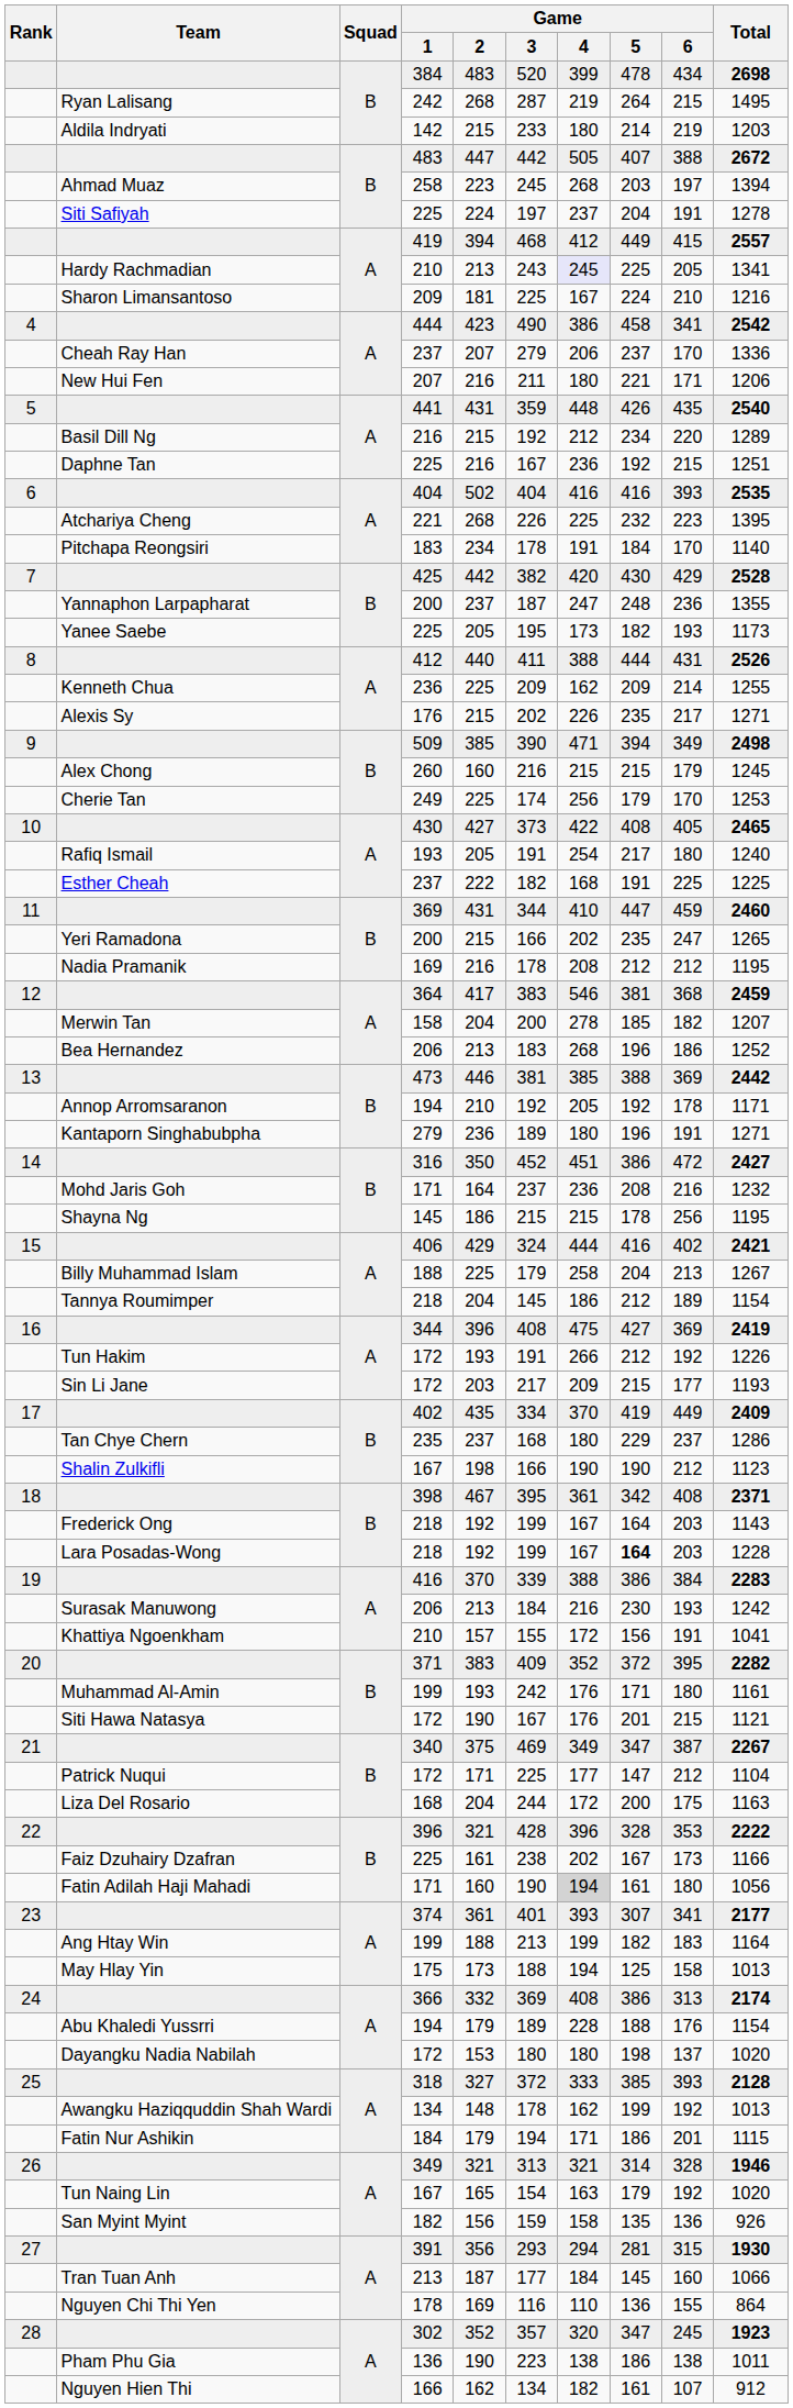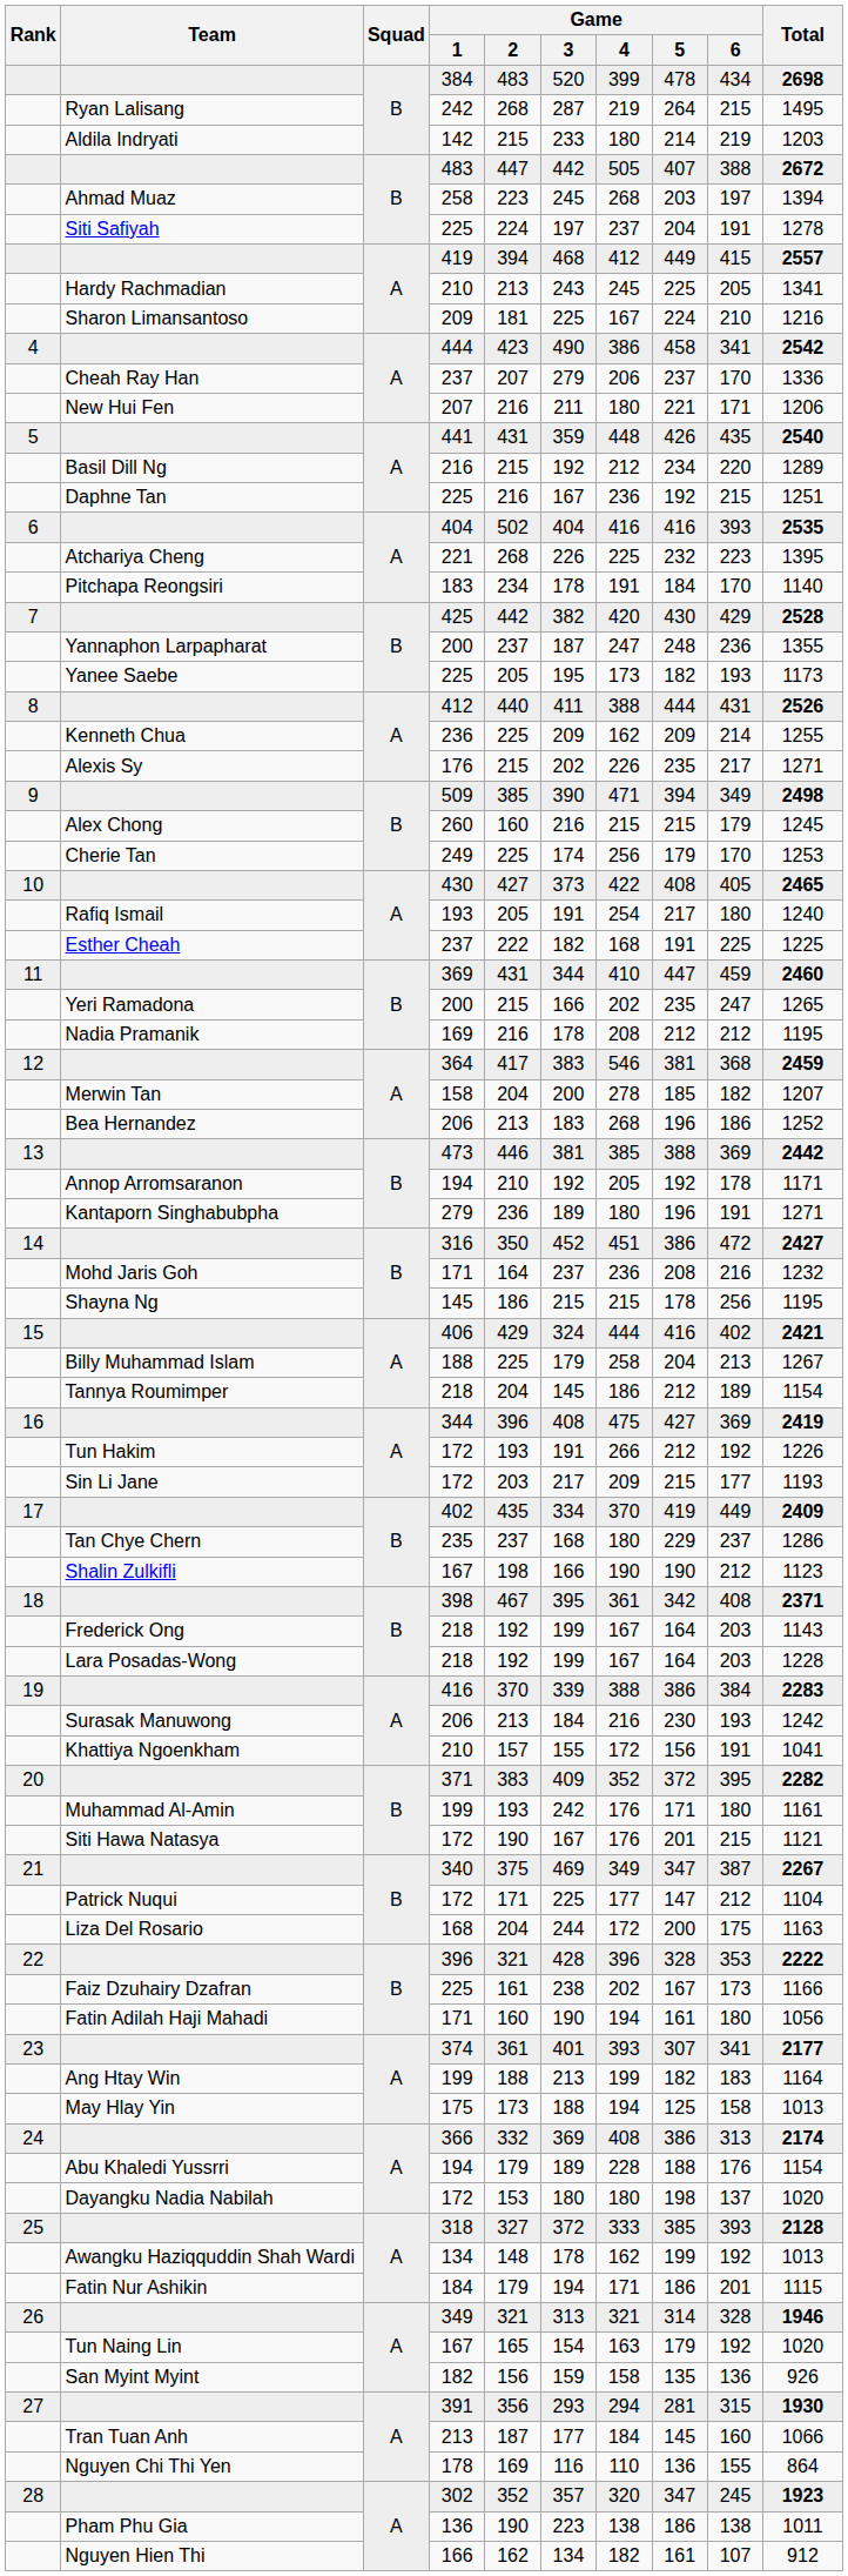 <table class=wikitable style="text-align:center">
 <tr>
 <th rowspan="2" width=40>Rank</th>
 <th rowspan="2" width=250>Team</th>
 <th rowspan="2" width=40>Squad</th>
 <th colspan="6">Game</th>
 <th rowspan="2" width=60>Total</th>
 </tr>
 <tr>
 <th width=40>1</th>
 <th width=40>2</th>
 <th width=40>3</th>
 <th width=40>4</th>
 <th width=40>5</th>
 <th width=40>6</th>
 </tr>
 <tr bgcolor=eeeeee>
 <td></td>
 <td align=left></td>
 <td rowspan="3">B</td>
 <td>384</td>
 <td>483</td>
 <td>520</td>
 <td>399</td>
 <td>478</td>
 <td>434</td>
 <td><strong>2698</strong></td>
 </tr>
 <tr>
 <td></td>
 <td align=left>Ryan Lalisang</td>
 <td>242</td>
 <td>268</td>
 <td>287</td>
 <td>219</td>
 <td>264</td>
 <td>215</td>
 <td>1495</td>
 </tr>
 <tr>
 <td></td>
 <td align=left>Aldila Indryati</td>
 <td>142</td>
 <td>215</td>
 <td>233</td>
 <td>180</td>
 <td>214</td>
 <td>219</td>
 <td>1203</td>
 </tr>
 <tr bgcolor=eeeeee>
 <td></td>
 <td align=left></td>
 <td rowspan="3">B</td>
 <td>483</td>
 <td>447</td>
 <td>442</td>
 <td>505</td>
 <td>407</td>
 <td>388</td>
 <td><strong>2672</strong></td>
 </tr>
 <tr>
 <td></td>
 <td align=left>Ahmad Muaz</td>
 <td>258</td>
 <td>223</td>
 <td>245</td>
 <td>268</td>
 <td>203</td>
 <td>197</td>
 <td>1394</td>
 </tr>
 <tr>
 <td></td>
 <td align=left><a href='#'>Siti Safiyah</a></td>
 <td>225</td>
 <td>224</td>
 <td>197</td>
 <td>237</td>
 <td>204</td>
 <td>191</td>
 <td>1278</td>
 </tr>
 <tr bgcolor=eeeeee>
 <td></td>
 <td align=left></td>
 <td rowspan="3">A</td>
 <td>419</td>
 <td>394</td>
 <td>468</td>
 <td>412</td>
 <td>449</td>
 <td>415</td>
 <td><strong>2557</strong></td>
 </tr>
 <tr>
 <td></td>
 <td align=left>Hardy Rachmadian</td>
 <td>210</td>
 <td>213</td>
 <td>243</td>
-<td style="background: lavender;">245</td>
+<td>245</td>
 <td>225</td>
 <td>205</td>
 <td>1341</td>
 </tr>
 <tr>
 <td></td>
 <td align=left>Sharon Limansantoso</td>
 <td>209</td>
 <td>181</td>
 <td>225</td>
 <td>167</td>
 <td>224</td>
 <td>210</td>
 <td>1216</td>
 </tr>
 <tr bgcolor=eeeeee>
 <td>4</td>
 <td align=left></td>
 <td rowspan="3">A</td>
 <td>444</td>
 <td>423</td>
 <td>490</td>
 <td>386</td>
 <td>458</td>
 <td>341</td>
 <td><strong>2542</strong></td>
 </tr>
 <tr>
 <td></td>
 <td align=left>Cheah Ray Han</td>
 <td>237</td>
 <td>207</td>
 <td>279</td>
 <td>206</td>
 <td>237</td>
 <td>170</td>
 <td>1336</td>
 </tr>
 <tr>
 <td></td>
 <td align=left>New Hui Fen</td>
 <td>207</td>
 <td>216</td>
 <td>211</td>
 <td>180</td>
 <td>221</td>
 <td>171</td>
 <td>1206</td>
 </tr>
 <tr bgcolor=eeeeee>
 <td>5</td>
 <td align=left></td>
 <td rowspan="3">A</td>
 <td>441</td>
 <td>431</td>
 <td>359</td>
 <td>448</td>
 <td>426</td>
 <td>435</td>
 <td><strong>2540</strong></td>
 </tr>
 <tr>
 <td></td>
 <td align=left>Basil Dill Ng</td>
 <td>216</td>
 <td>215</td>
 <td>192</td>
 <td>212</td>
 <td>234</td>
 <td>220</td>
 <td>1289</td>
 </tr>
 <tr>
 <td></td>
 <td align=left>Daphne Tan</td>
 <td>225</td>
 <td>216</td>
 <td>167</td>
 <td>236</td>
 <td>192</td>
 <td>215</td>
 <td>1251</td>
 </tr>
 <tr bgcolor=eeeeee>
 <td>6</td>
 <td align=left></td>
 <td rowspan="3">A</td>
 <td>404</td>
 <td>502</td>
 <td>404</td>
 <td>416</td>
 <td>416</td>
 <td>393</td>
 <td><strong>2535</strong></td>
 </tr>
 <tr>
 <td></td>
 <td align=left>Atchariya Cheng</td>
 <td>221</td>
 <td>268</td>
 <td>226</td>
 <td>225</td>
 <td>232</td>
 <td>223</td>
 <td>1395</td>
 </tr>
 <tr>
 <td></td>
 <td align=left>Pitchapa Reongsiri</td>
 <td>183</td>
 <td>234</td>
 <td>178</td>
 <td>191</td>
 <td>184</td>
 <td>170</td>
 <td>1140</td>
 </tr>
 <tr bgcolor=eeeeee>
 <td>7</td>
 <td align=left></td>
 <td rowspan="3">B</td>
 <td>425</td>
 <td>442</td>
 <td>382</td>
 <td>420</td>
 <td>430</td>
 <td>429</td>
 <td><strong>2528</strong></td>
 </tr>
 <tr>
 <td></td>
 <td align=left>Yannaphon Larpapharat</td>
 <td>200</td>
 <td>237</td>
 <td>187</td>
 <td>247</td>
 <td>248</td>
 <td>236</td>
 <td>1355</td>
 </tr>
 <tr>
 <td></td>
 <td align=left>Yanee Saebe</td>
 <td>225</td>
 <td>205</td>
 <td>195</td>
 <td>173</td>
 <td>182</td>
 <td>193</td>
 <td>1173</td>
 </tr>
 <tr bgcolor=eeeeee>
 <td>8</td>
 <td align=left></td>
 <td rowspan="3">A</td>
 <td>412</td>
 <td>440</td>
 <td>411</td>
 <td>388</td>
 <td>444</td>
 <td>431</td>
 <td><strong>2526</strong></td>
 </tr>
 <tr>
 <td></td>
 <td align=left>Kenneth Chua</td>
 <td>236</td>
 <td>225</td>
 <td>209</td>
 <td>162</td>
 <td>209</td>
 <td>214</td>
 <td>1255</td>
 </tr>
 <tr>
 <td></td>
 <td align=left>Alexis Sy</td>
 <td>176</td>
 <td>215</td>
 <td>202</td>
 <td>226</td>
 <td>235</td>
 <td>217</td>
 <td>1271</td>
 </tr>
 <tr bgcolor=eeeeee>
 <td>9</td>
 <td align=left></td>
 <td rowspan="3">B</td>
 <td>509</td>
 <td>385</td>
 <td>390</td>
 <td>471</td>
 <td>394</td>
 <td>349</td>
 <td><strong>2498</strong></td>
 </tr>
 <tr>
 <td></td>
 <td align=left>Alex Chong</td>
 <td>260</td>
 <td>160</td>
 <td>216</td>
 <td>215</td>
 <td>215</td>
 <td>179</td>
 <td>1245</td>
 </tr>
 <tr>
 <td></td>
 <td align=left>Cherie Tan</td>
 <td>249</td>
 <td>225</td>
 <td>174</td>
 <td>256</td>
 <td>179</td>
 <td>170</td>
 <td>1253</td>
 </tr>
 <tr bgcolor=eeeeee>
 <td>10</td>
 <td align=left></td>
 <td rowspan="3">A</td>
 <td>430</td>
 <td>427</td>
 <td>373</td>
 <td>422</td>
 <td>408</td>
 <td>405</td>
 <td><strong>2465</strong></td>
 </tr>
 <tr>
 <td></td>
 <td align=left>Rafiq Ismail</td>
 <td>193</td>
 <td>205</td>
 <td>191</td>
 <td>254</td>
 <td>217</td>
 <td>180</td>
 <td>1240</td>
 </tr>
 <tr>
 <td></td>
 <td align=left><a href='#'>Esther Cheah</a></td>
 <td>237</td>
 <td>222</td>
 <td>182</td>
 <td>168</td>
 <td>191</td>
 <td>225</td>
 <td>1225</td>
 </tr>
 <tr bgcolor=eeeeee>
 <td>11</td>
 <td align=left></td>
 <td rowspan="3">B</td>
 <td>369</td>
 <td>431</td>
 <td>344</td>
 <td>410</td>
 <td>447</td>
 <td>459</td>
 <td><strong>2460</strong></td>
 </tr>
 <tr>
 <td></td>
 <td align=left>Yeri Ramadona</td>
 <td>200</td>
 <td>215</td>
 <td>166</td>
 <td>202</td>
 <td>235</td>
 <td>247</td>
 <td>1265</td>
 </tr>
 <tr>
 <td></td>
 <td align=left>Nadia Pramanik</td>
 <td>169</td>
 <td>216</td>
 <td>178</td>
 <td>208</td>
 <td>212</td>
 <td>212</td>
 <td>1195</td>
 </tr>
 <tr bgcolor=eeeeee>
 <td>12</td>
 <td align=left></td>
 <td rowspan="3">A</td>
 <td>364</td>
 <td>417</td>
 <td>383</td>
 <td>546</td>
 <td>381</td>
 <td>368</td>
 <td><strong>2459</strong></td>
 </tr>
 <tr>
 <td></td>
 <td align=left>Merwin Tan</td>
 <td>158</td>
 <td>204</td>
 <td>200</td>
 <td>278</td>
 <td>185</td>
 <td>182</td>
 <td>1207</td>
 </tr>
 <tr>
 <td></td>
 <td align=left>Bea Hernandez</td>
 <td>206</td>
 <td>213</td>
 <td>183</td>
 <td>268</td>
 <td>196</td>
 <td>186</td>
 <td>1252</td>
 </tr>
 <tr bgcolor=eeeeee>
 <td>13</td>
 <td align=left></td>
 <td rowspan="3">B</td>
 <td>473</td>
 <td>446</td>
 <td>381</td>
 <td>385</td>
 <td>388</td>
 <td>369</td>
 <td><strong>2442</strong></td>
 </tr>
 <tr>
 <td></td>
 <td align=left>Annop Arromsaranon</td>
 <td>194</td>
 <td>210</td>
 <td>192</td>
 <td>205</td>
 <td>192</td>
 <td>178</td>
 <td>1171</td>
 </tr>
 <tr>
 <td></td>
 <td align=left>Kantaporn Singhabubpha</td>
 <td>279</td>
 <td>236</td>
 <td>189</td>
 <td>180</td>
 <td>196</td>
 <td>191</td>
 <td>1271</td>
 </tr>
 <tr bgcolor=eeeeee>
 <td>14</td>
 <td align=left></td>
 <td rowspan="3">B</td>
 <td>316</td>
 <td>350</td>
 <td>452</td>
 <td>451</td>
 <td>386</td>
 <td>472</td>
 <td><strong>2427</strong></td>
 </tr>
 <tr>
 <td></td>
 <td align=left>Mohd Jaris Goh</td>
 <td>171</td>
 <td>164</td>
 <td>237</td>
 <td>236</td>
 <td>208</td>
 <td>216</td>
 <td>1232</td>
 </tr>
 <tr>
 <td></td>
 <td align=left>Shayna Ng</td>
 <td>145</td>
 <td>186</td>
 <td>215</td>
 <td>215</td>
 <td>178</td>
 <td>256</td>
 <td>1195</td>
 </tr>
 <tr bgcolor=eeeeee>
 <td>15</td>
 <td align=left></td>
 <td rowspan="3">A</td>
 <td>406</td>
 <td>429</td>
 <td>324</td>
 <td>444</td>
 <td>416</td>
 <td>402</td>
 <td><strong>2421</strong></td>
 </tr>
 <tr>
 <td></td>
 <td align=left>Billy Muhammad Islam</td>
 <td>188</td>
 <td>225</td>
 <td>179</td>
 <td>258</td>
 <td>204</td>
 <td>213</td>
 <td>1267</td>
 </tr>
 <tr>
 <td></td>
 <td align=left>Tannya Roumimper</td>
 <td>218</td>
 <td>204</td>
 <td>145</td>
 <td>186</td>
 <td>212</td>
 <td>189</td>
 <td>1154</td>
 </tr>
 <tr bgcolor=eeeeee>
 <td>16</td>
 <td align=left></td>
 <td rowspan="3">A</td>
 <td>344</td>
 <td>396</td>
 <td>408</td>
 <td>475</td>
 <td>427</td>
 <td>369</td>
 <td><strong>2419</strong></td>
 </tr>
 <tr>
 <td></td>
 <td align=left>Tun Hakim</td>
 <td>172</td>
 <td>193</td>
 <td>191</td>
 <td>266</td>
 <td>212</td>
 <td>192</td>
 <td>1226</td>
 </tr>
 <tr>
 <td></td>
 <td align=left>Sin Li Jane</td>
 <td>172</td>
 <td>203</td>
 <td>217</td>
 <td>209</td>
 <td>215</td>
 <td>177</td>
 <td>1193</td>
 </tr>
 <tr bgcolor=eeeeee>
 <td>17</td>
 <td align=left></td>
 <td rowspan="3">B</td>
 <td>402</td>
 <td>435</td>
 <td>334</td>
 <td>370</td>
 <td>419</td>
 <td>449</td>
 <td><strong>2409</strong></td>
 </tr>
 <tr>
 <td></td>
 <td align=left>Tan Chye Chern</td>
 <td>235</td>
 <td>237</td>
 <td>168</td>
 <td>180</td>
 <td>229</td>
 <td>237</td>
 <td>1286</td>
 </tr>
 <tr>
 <td></td>
 <td align=left><a href='#'>Shalin Zulkifli</a></td>
 <td>167</td>
 <td>198</td>
 <td>166</td>
 <td>190</td>
 <td>190</td>
 <td>212</td>
 <td>1123</td>
 </tr>
 <tr bgcolor=eeeeee>
 <td>18</td>
 <td align=left></td>
 <td rowspan="3">B</td>
 <td>398</td>
 <td>467</td>
 <td>395</td>
 <td>361</td>
 <td>342</td>
 <td>408</td>
 <td><strong>2371</strong></td>
 </tr>
 <tr>
 <td></td>
 <td align=left>Frederick Ong</td>
 <td>218</td>
 <td>192</td>
 <td>199</td>
 <td>167</td>
 <td>164</td>
 <td>203</td>
 <td>1143</td>
 </tr>
 <tr>
 <td></td>
 <td align=left>Lara Posadas-Wong</td>
 <td>218</td>
 <td>192</td>
 <td>199</td>
 <td>167</td>
-<td><strong>164</strong></td>
+<td>164</td>
 <td>203</td>
 <td>1228</td>
 </tr>
 <tr bgcolor=eeeeee>
 <td>19</td>
 <td align=left></td>
 <td rowspan="3">A</td>
 <td>416</td>
 <td>370</td>
 <td>339</td>
 <td>388</td>
 <td>386</td>
 <td>384</td>
 <td><strong>2283</strong></td>
 </tr>
 <tr>
 <td></td>
 <td align=left>Surasak Manuwong</td>
 <td>206</td>
 <td>213</td>
 <td>184</td>
 <td>216</td>
 <td>230</td>
 <td>193</td>
 <td>1242</td>
 </tr>
 <tr>
 <td></td>
 <td align=left>Khattiya Ngoenkham</td>
 <td>210</td>
 <td>157</td>
 <td>155</td>
 <td>172</td>
 <td>156</td>
 <td>191</td>
 <td>1041</td>
 </tr>
 <tr bgcolor=eeeeee>
 <td>20</td>
 <td align=left></td>
 <td rowspan="3">B</td>
 <td>371</td>
 <td>383</td>
 <td>409</td>
 <td>352</td>
 <td>372</td>
 <td>395</td>
 <td><strong>2282</strong></td>
 </tr>
 <tr>
 <td></td>
 <td align=left>Muhammad Al-Amin</td>
 <td>199</td>
 <td>193</td>
 <td>242</td>
 <td>176</td>
 <td>171</td>
 <td>180</td>
 <td>1161</td>
 </tr>
 <tr>
 <td></td>
 <td align=left>Siti Hawa Natasya</td>
 <td>172</td>
 <td>190</td>
 <td>167</td>
 <td>176</td>
 <td>201</td>
 <td>215</td>
 <td>1121</td>
 </tr>
 <tr bgcolor=eeeeee>
 <td>21</td>
 <td align=left></td>
 <td rowspan="3">B</td>
 <td>340</td>
 <td>375</td>
 <td>469</td>
 <td>349</td>
 <td>347</td>
 <td>387</td>
 <td><strong>2267</strong></td>
 </tr>
 <tr>
 <td></td>
 <td align=left>Patrick Nuqui</td>
 <td>172</td>
 <td>171</td>
 <td>225</td>
 <td>177</td>
 <td>147</td>
 <td>212</td>
 <td>1104</td>
 </tr>
 <tr>
 <td></td>
 <td align=left>Liza Del Rosario</td>
 <td>168</td>
 <td>204</td>
 <td>244</td>
 <td>172</td>
 <td>200</td>
 <td>175</td>
 <td>1163</td>
 </tr>
 <tr bgcolor=eeeeee>
 <td>22</td>
 <td align=left></td>
 <td rowspan="3">B</td>
 <td>396</td>
 <td>321</td>
 <td>428</td>
 <td>396</td>
 <td>328</td>
 <td>353</td>
 <td><strong>2222</strong></td>
 </tr>
 <tr>
 <td></td>
 <td align=left>Faiz Dzuhairy Dzafran</td>
 <td>225</td>
 <td>161</td>
 <td>238</td>
 <td>202</td>
 <td>167</td>
 <td>173</td>
 <td>1166</td>
 </tr>
 <tr>
 <td></td>
 <td align=left>Fatin Adilah Haji Mahadi</td>
 <td>171</td>
 <td>160</td>
 <td>190</td>
-<td style="background: lightgrey;">194</td>
+<td>194</td>
 <td>161</td>
 <td>180</td>
 <td>1056</td>
 </tr>
 <tr bgcolor=eeeeee>
 <td>23</td>
 <td align=left></td>
 <td rowspan="3">A</td>
 <td>374</td>
 <td>361</td>
 <td>401</td>
 <td>393</td>
 <td>307</td>
 <td>341</td>
 <td><strong>2177</strong></td>
 </tr>
 <tr>
 <td></td>
 <td align=left>Ang Htay Win</td>
 <td>199</td>
 <td>188</td>
 <td>213</td>
 <td>199</td>
 <td>182</td>
 <td>183</td>
 <td>1164</td>
 </tr>
 <tr>
 <td></td>
 <td align=left>May Hlay Yin</td>
 <td>175</td>
 <td>173</td>
 <td>188</td>
 <td>194</td>
 <td>125</td>
 <td>158</td>
 <td>1013</td>
 </tr>
 <tr bgcolor=eeeeee>
 <td>24</td>
 <td align=left></td>
 <td rowspan="3">A</td>
 <td>366</td>
 <td>332</td>
 <td>369</td>
 <td>408</td>
 <td>386</td>
 <td>313</td>
 <td><strong>2174</strong></td>
 </tr>
 <tr>
 <td></td>
 <td align=left>Abu Khaledi Yussrri</td>
 <td>194</td>
 <td>179</td>
 <td>189</td>
 <td>228</td>
 <td>188</td>
 <td>176</td>
 <td>1154</td>
 </tr>
 <tr>
 <td></td>
 <td align=left>Dayangku Nadia Nabilah</td>
 <td>172</td>
 <td>153</td>
 <td>180</td>
 <td>180</td>
 <td>198</td>
 <td>137</td>
 <td>1020</td>
 </tr>
 <tr bgcolor=eeeeee>
 <td>25</td>
 <td align=left></td>
 <td rowspan="3">A</td>
 <td>318</td>
 <td>327</td>
 <td>372</td>
 <td>333</td>
 <td>385</td>
 <td>393</td>
 <td><strong>2128</strong></td>
 </tr>
 <tr>
 <td></td>
 <td align=left>Awangku Haziqquddin Shah Wardi</td>
 <td>134</td>
 <td>148</td>
 <td>178</td>
 <td>162</td>
 <td>199</td>
 <td>192</td>
 <td>1013</td>
 </tr>
 <tr>
 <td></td>
 <td align=left>Fatin Nur Ashikin</td>
 <td>184</td>
 <td>179</td>
 <td>194</td>
 <td>171</td>
 <td>186</td>
 <td>201</td>
 <td>1115</td>
 </tr>
 <tr bgcolor=eeeeee>
 <td>26</td>
 <td align=left></td>
 <td rowspan="3">A</td>
 <td>349</td>
 <td>321</td>
 <td>313</td>
 <td>321</td>
 <td>314</td>
 <td>328</td>
 <td><strong>1946</strong></td>
 </tr>
 <tr>
 <td></td>
 <td align=left>Tun Naing Lin</td>
 <td>167</td>
 <td>165</td>
 <td>154</td>
 <td>163</td>
 <td>179</td>
 <td>192</td>
 <td>1020</td>
 </tr>
 <tr>
 <td></td>
 <td align=left>San Myint Myint</td>
 <td>182</td>
 <td>156</td>
 <td>159</td>
 <td>158</td>
 <td>135</td>
 <td>136</td>
 <td>926</td>
 </tr>
 <tr bgcolor=eeeeee>
 <td>27</td>
 <td align=left></td>
 <td rowspan="3">A</td>
 <td>391</td>
 <td>356</td>
 <td>293</td>
 <td>294</td>
 <td>281</td>
 <td>315</td>
 <td><strong>1930</strong></td>
 </tr>
 <tr>
 <td></td>
 <td align=left>Tran Tuan Anh</td>
 <td>213</td>
 <td>187</td>
 <td>177</td>
 <td>184</td>
 <td>145</td>
 <td>160</td>
 <td>1066</td>
 </tr>
 <tr>
 <td></td>
 <td align=left>Nguyen Chi Thi Yen</td>
 <td>178</td>
 <td>169</td>
 <td>116</td>
 <td>110</td>
 <td>136</td>
 <td>155</td>
 <td>864</td>
 </tr>
 <tr bgcolor=eeeeee>
 <td>28</td>
 <td align=left></td>
 <td rowspan="3">A</td>
 <td>302</td>
 <td>352</td>
 <td>357</td>
 <td>320</td>
 <td>347</td>
 <td>245</td>
 <td><strong>1923</strong></td>
 </tr>
 <tr>
 <td></td>
 <td align=left>Pham Phu Gia</td>
 <td>136</td>
 <td>190</td>
 <td>223</td>
 <td>138</td>
 <td>186</td>
 <td>138</td>
 <td>1011</td>
 </tr>
 <tr>
 <td></td>
 <td align=left>Nguyen Hien Thi</td>
 <td>166</td>
 <td>162</td>
 <td>134</td>
 <td>182</td>
 <td>161</td>
 <td>107</td>
 <td>912</td>
 </tr>
 </table>
